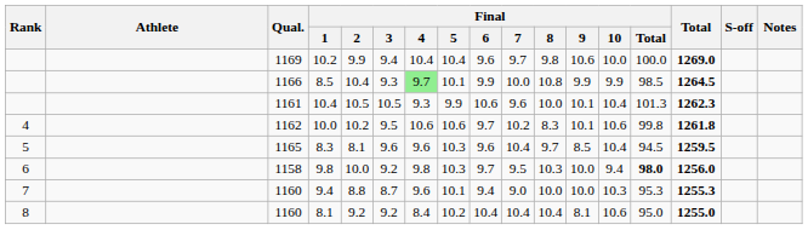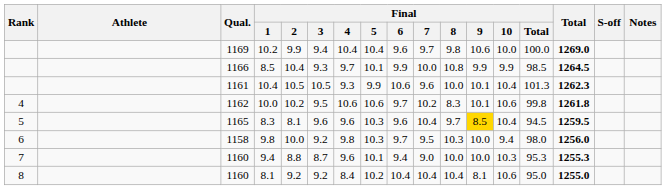 <table class="wikitable" style="text-align:center">
 <tr>
 <th rowspan=2 width=40>Rank</th>
 <th rowspan=2 width=250>Athlete</th>
 <th rowspan=2 width=40>Qual.</th>
 <th colspan=11>Final</th>
 <th rowspan=2 width=50>Total</th>
 <th rowspan=2 width=35>S-off</th>
 <th rowspan=2 width=45>Notes</th>
 </tr>
 <tr>
 <th width=30>1</th>
 <th width=30>2</th>
 <th width=30>3</th>
 <th width=30>4</th>
 <th width=30>5</th>
 <th width=30>6</th>
 <th width=30>7</th>
 <th width=30>8</th>
 <th width=30>9</th>
 <th width=30>10</th>
 <th width=40>Total</th>
 </tr>
 <tr>
 <td></td>
 <td align=left></td>
 <td>1169</td>
 <td>10.2</td>
 <td>9.9</td>
 <td>9.4</td>
 <td>10.4</td>
 <td>10.4</td>
 <td>9.6</td>
 <td>9.7</td>
 <td>9.8</td>
 <td>10.6</td>
 <td>10.0</td>
 <td>100.0</td>
 <td><strong>1269.0</strong></td>
 <td></td>
 <td></td>
 </tr>
 <tr>
 <td></td>
 <td align=left></td>
 <td>1166</td>
 <td>8.5</td>
 <td>10.4</td>
 <td>9.3</td>
-<td style="background: lightgreen;">9.7</td>
+<td>9.7</td>
 <td>10.1</td>
 <td>9.9</td>
 <td>10.0</td>
 <td>10.8</td>
 <td>9.9</td>
 <td>9.9</td>
 <td>98.5</td>
 <td><strong>1264.5</strong></td>
 <td></td>
 <td></td>
 </tr>
 <tr>
 <td></td>
 <td align=left></td>
 <td>1161</td>
 <td>10.4</td>
 <td>10.5</td>
 <td>10.5</td>
 <td>9.3</td>
 <td>9.9</td>
 <td>10.6</td>
 <td>9.6</td>
 <td>10.0</td>
 <td>10.1</td>
 <td>10.4</td>
 <td>101.3</td>
 <td><strong>1262.3</strong></td>
 <td></td>
 <td></td>
 </tr>
 <tr>
 <td>4</td>
 <td align=left></td>
 <td>1162</td>
 <td>10.0</td>
 <td>10.2</td>
 <td>9.5</td>
 <td>10.6</td>
 <td>10.6</td>
 <td>9.7</td>
 <td>10.2</td>
 <td>8.3</td>
 <td>10.1</td>
 <td>10.6</td>
 <td>99.8</td>
 <td><strong>1261.8</strong></td>
 <td></td>
 <td></td>
 </tr>
 <tr>
 <td>5</td>
 <td align=left></td>
 <td>1165</td>
 <td>8.3</td>
 <td>8.1</td>
 <td>9.6</td>
 <td>9.6</td>
 <td>10.3</td>
 <td>9.6</td>
 <td>10.4</td>
 <td>9.7</td>
-<td>8.5</td>
+<td style="background: gold;">8.5</td>
 <td>10.4</td>
 <td>94.5</td>
 <td><strong>1259.5</strong></td>
 <td></td>
 <td></td>
 </tr>
 <tr>
 <td>6</td>
 <td align=left></td>
 <td>1158</td>
 <td>9.8</td>
 <td>10.0</td>
 <td>9.2</td>
 <td>9.8</td>
 <td>10.3</td>
 <td>9.7</td>
 <td>9.5</td>
 <td>10.3</td>
 <td>10.0</td>
 <td>9.4</td>
-<td><strong>98.0</strong></td>
+<td>98.0</td>
 <td><strong>1256.0</strong></td>
 <td></td>
 <td></td>
 </tr>
 <tr>
 <td>7</td>
 <td align=left></td>
 <td>1160</td>
 <td>9.4</td>
 <td>8.8</td>
 <td>8.7</td>
 <td>9.6</td>
 <td>10.1</td>
 <td>9.4</td>
 <td>9.0</td>
 <td>10.0</td>
 <td>10.0</td>
 <td>10.3</td>
 <td>95.3</td>
 <td><strong>1255.3</strong></td>
 <td></td>
 <td></td>
 </tr>
 <tr>
 <td>8</td>
 <td align=left></td>
 <td>1160</td>
 <td>8.1</td>
 <td>9.2</td>
 <td>9.2</td>
 <td>8.4</td>
 <td>10.2</td>
 <td>10.4</td>
 <td>10.4</td>
 <td>10.4</td>
 <td>8.1</td>
 <td>10.6</td>
 <td>95.0</td>
 <td><strong>1255.0</strong></td>
 <td></td>
 <td></td>
 </tr>
 </table>
